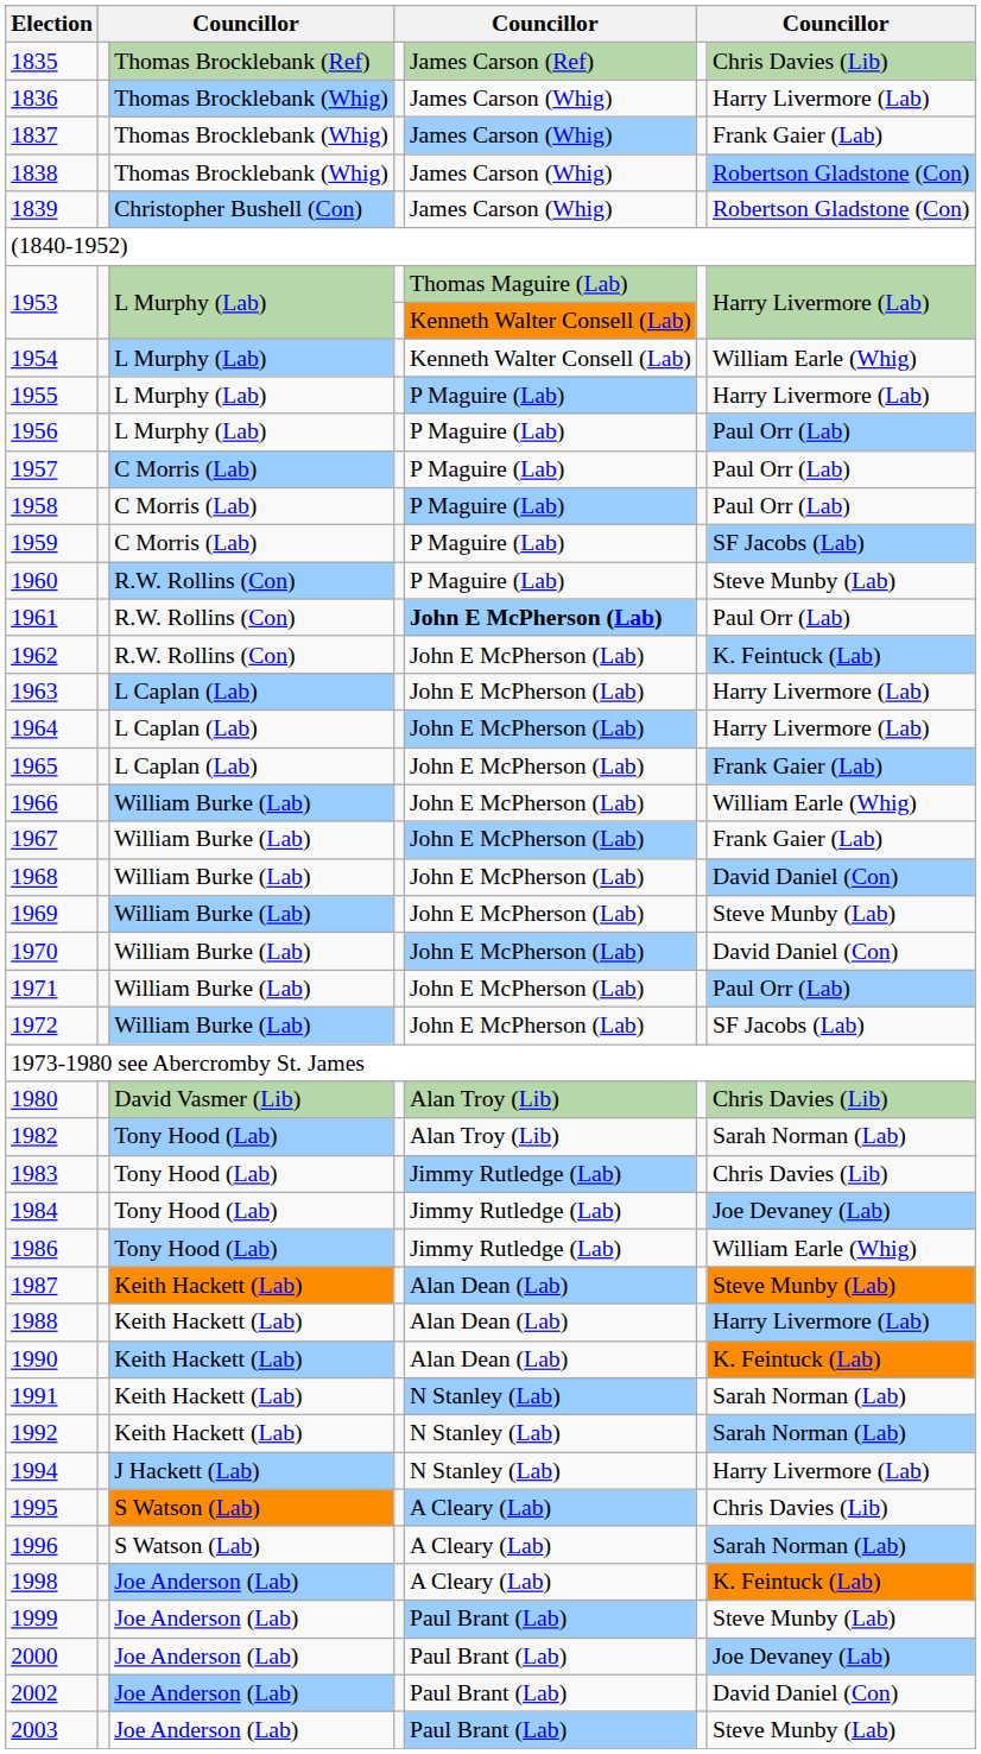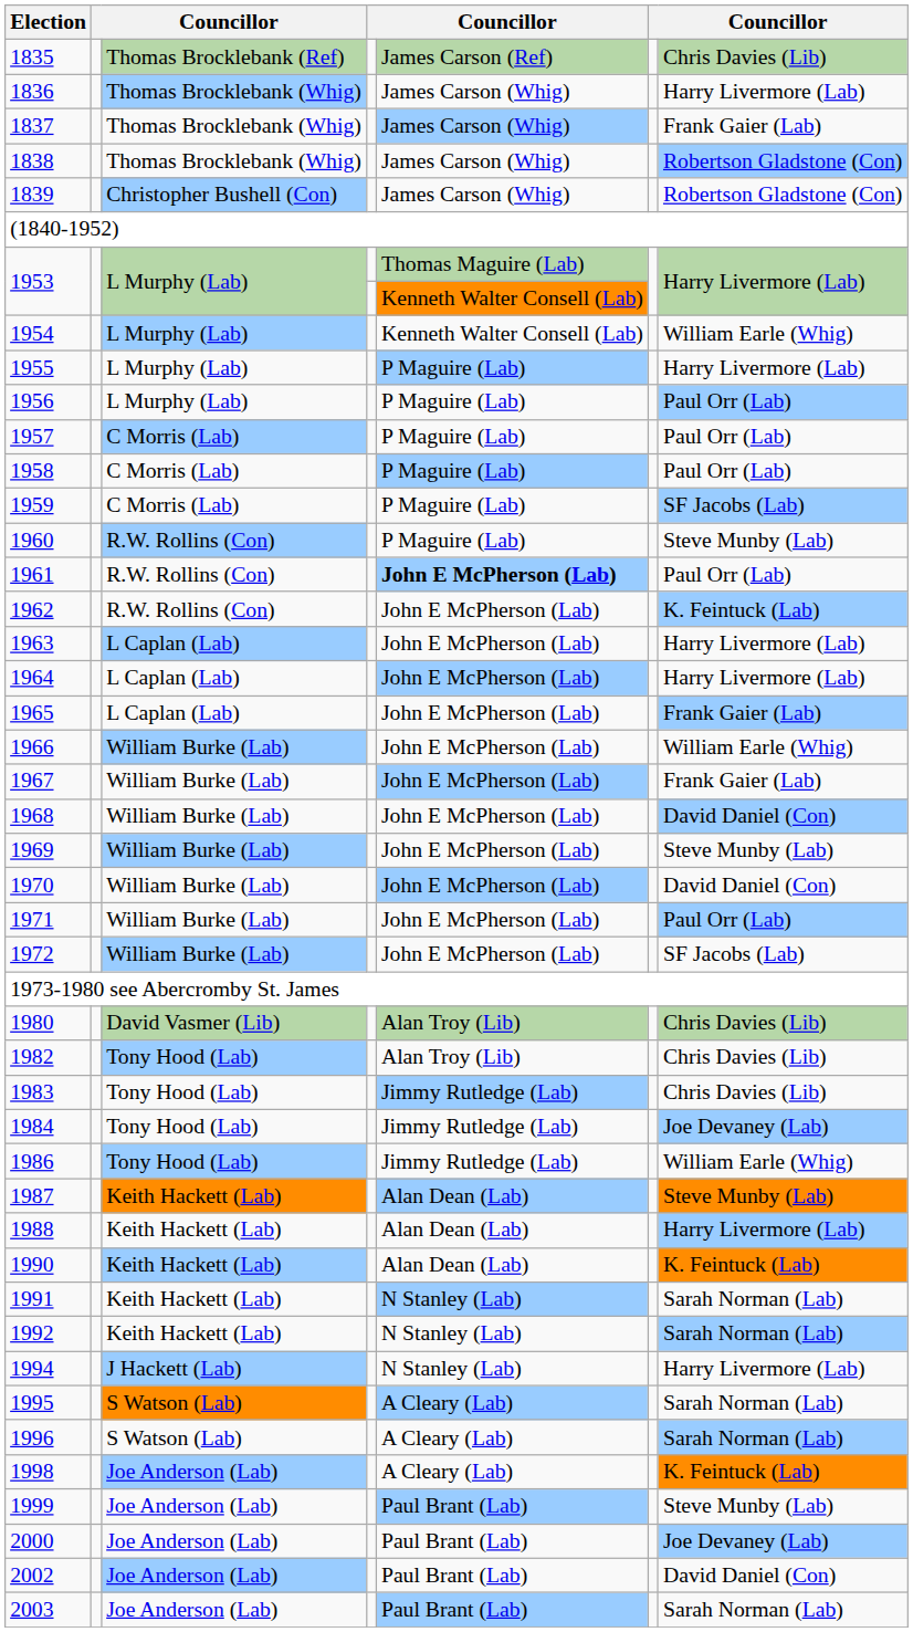 <table class="wikitable">
 <tr>
 <th>Election</th>
 <th colspan="2">Councillor</th>
 <th colspan="2">Councillor</th>
 <th colspan="2">Councillor</th>
 </tr>
 <tr>
 <td><a href='#'>1835</a></td>
 <td style="background-color: "></td>
 <td bgcolor="#B6D7A8">Thomas Brocklebank (<a href='#'>Ref</a>)</td>
 <td style="background-color: "></td>
 <td bgcolor="#B6D7A8">James Carson (<a href='#'>Ref</a>)</td>
 <td style="background-color: "></td>
 <td bgcolor="#B6D7A8">Chris Davies (<a href='#'>Lib</a>)</td>
 </tr>
 <tr>
 <td><a href='#'>1836</a></td>
 <td style="background-color: "></td>
 <td bgcolor="#99CCFF">Thomas Brocklebank (<a href='#'>Whig</a>)</td>
 <td style="background-color: "></td>
 <td>James Carson (<a href='#'>Whig</a>)</td>
 <td style="background-color: "></td>
 <td>Harry Livermore (<a href='#'>Lab</a>)</td>
 </tr>
 <tr>
 <td><a href='#'>1837</a></td>
 <td style="background-color: "></td>
 <td>Thomas Brocklebank (<a href='#'>Whig</a>)</td>
 <td style="background-color: "></td>
 <td bgcolor="#99CCFF">James Carson (<a href='#'>Whig</a>)</td>
 <td style="background-color: "></td>
 <td>Frank Gaier (<a href='#'>Lab</a>)</td>
 </tr>
 <tr>
 <td><a href='#'>1838</a></td>
 <td style="background-color: "></td>
 <td>Thomas Brocklebank (<a href='#'>Whig</a>)</td>
 <td style="background-color: "></td>
 <td>James Carson (<a href='#'>Whig</a>)</td>
 <td style="background-color: "></td>
 <td bgcolor="#99CCFF"><a href='#'>Robertson Gladstone</a> (<a href='#'>Con</a>)</td>
 </tr>
 <tr>
 <td><a href='#'>1839</a></td>
 <td style="background-color: "></td>
 <td bgcolor="#99CCFF">Christopher Bushell (<a href='#'>Con</a>)</td>
 <td style="background-color: "></td>
 <td>James Carson (<a href='#'>Whig</a>)</td>
 <td style="background-color: "></td>
 <td><a href='#'>Robertson Gladstone</a> (<a href='#'>Con</a>)</td>
 </tr>
 <tr>
 <td colspan="8" bgcolor="#FFF"><div>(1840-1952)</div></td>
 </tr>
 <tr>
 <td rowspan="2"><a href='#'>1953</a></td>
 <td rowspan="2" style="background-color: "></td>
 <td rowspan="2" bgcolor="#B6D7A8">L Murphy (<a href='#'>Lab</a>)</td>
 <td style="background-color: "></td>
 <td bgcolor="#B6D7A8">Thomas Maguire (<a href='#'>Lab</a>)</td>
 <td rowspan="2" style="background-color: "></td>
 <td rowspan="2" bgcolor="#B6D7A8">Harry Livermore (<a href='#'>Lab</a>)</td>
 </tr>
 <tr>
 <td style="background-color: "></td>
 <td bgcolor="#FF8C00">Kenneth Walter Consell (<a href='#'>Lab</a>)</td>
 </tr>
 <tr>
 <td><a href='#'>1954</a></td>
 <td style="background-color: "></td>
 <td bgcolor="#99CCFF">L Murphy (<a href='#'>Lab</a>)</td>
 <td style="background-color: "></td>
 <td>Kenneth Walter Consell (<a href='#'>Lab</a>)</td>
 <td style="background-color: "></td>
 <td>William Earle (<a href='#'>Whig</a>)</td>
 </tr>
 <tr>
 <td><a href='#'>1955</a></td>
 <td style="background-color: "></td>
 <td>L Murphy (<a href='#'>Lab</a>)</td>
 <td style="background-color: "></td>
 <td bgcolor="#99CCFF">P Maguire (<a href='#'>Lab</a>)</td>
 <td style="background-color: "></td>
 <td>Harry Livermore (<a href='#'>Lab</a>)</td>
 </tr>
 <tr>
 <td><a href='#'>1956</a></td>
 <td style="background-color: "></td>
 <td>L Murphy (<a href='#'>Lab</a>)</td>
 <td style="background-color: "></td>
 <td>P Maguire (<a href='#'>Lab</a>)</td>
 <td style="background-color: "></td>
 <td bgcolor="#99CCFF">Paul Orr (<a href='#'>Lab</a>)</td>
 </tr>
 <tr>
 <td><a href='#'>1957</a></td>
 <td style="background-color: "></td>
 <td bgcolor="#99CCFF">C Morris (<a href='#'>Lab</a>)</td>
 <td style="background-color: "></td>
 <td>P Maguire (<a href='#'>Lab</a>)</td>
 <td style="background-color: "></td>
 <td>Paul Orr (<a href='#'>Lab</a>)</td>
 </tr>
 <tr>
 <td><a href='#'>1958</a></td>
 <td style="background-color: "></td>
 <td>C Morris (<a href='#'>Lab</a>)</td>
 <td style="background-color: "></td>
 <td bgcolor="#99CCFF">P Maguire (<a href='#'>Lab</a>)</td>
 <td style="background-color: "></td>
 <td>Paul Orr (<a href='#'>Lab</a>)</td>
 </tr>
 <tr>
 <td><a href='#'>1959</a></td>
 <td style="background-color: "></td>
 <td>C Morris (<a href='#'>Lab</a>)</td>
 <td style="background-color: "></td>
 <td>P Maguire (<a href='#'>Lab</a>)</td>
 <td style="background-color: "></td>
 <td bgcolor="#99CCFF">SF Jacobs (<a href='#'>Lab</a>)</td>
 </tr>
 <tr>
 <td><a href='#'>1960</a></td>
 <td style="background-color: "></td>
 <td bgcolor="#99CCFF">R.W. Rollins (<a href='#'>Con</a>)</td>
 <td style="background-color: "></td>
 <td>P Maguire (<a href='#'>Lab</a>)</td>
 <td style="background-color: "></td>
 <td>Steve Munby (<a href='#'>Lab</a>)</td>
 </tr>
 <tr>
 <td><a href='#'>1961</a></td>
 <td style="background-color: "></td>
 <td>R.W. Rollins (<a href='#'>Con</a>)</td>
 <td style="background-color: "></td>
 <td bgcolor="#99CCFF"><strong>John E McPherson (<a href='#'>Lab</a>)</strong></td>
 <td style="background-color: "></td>
 <td>Paul Orr (<a href='#'>Lab</a>)</td>
 </tr>
 <tr>
 <td><a href='#'>1962</a></td>
 <td style="background-color: "></td>
 <td>R.W. Rollins (<a href='#'>Con</a>)</td>
 <td style="background-color: "></td>
 <td>John E McPherson (<a href='#'>Lab</a>)</td>
 <td style="background-color: "></td>
 <td bgcolor="#99CCFF">K. Feintuck (<a href='#'>Lab</a>)</td>
 </tr>
 <tr>
 <td><a href='#'>1963</a></td>
 <td style="background-color: "></td>
 <td bgcolor="#99CCFF">L Caplan (<a href='#'>Lab</a>)</td>
 <td style="background-color: "></td>
 <td>John E McPherson (<a href='#'>Lab</a>)</td>
 <td style="background-color: "></td>
 <td>Harry Livermore (<a href='#'>Lab</a>)</td>
 </tr>
 <tr>
 <td><a href='#'>1964</a></td>
 <td style="background-color: "></td>
 <td>L Caplan (<a href='#'>Lab</a>)</td>
 <td style="background-color: "></td>
 <td bgcolor="#99CCFF">John E McPherson (<a href='#'>Lab</a>)</td>
 <td style="background-color: "></td>
 <td>Harry Livermore (<a href='#'>Lab</a>)</td>
 </tr>
 <tr>
 <td><a href='#'>1965</a></td>
 <td style="background-color: "></td>
 <td>L Caplan (<a href='#'>Lab</a>)</td>
 <td style="background-color: "></td>
 <td>John E McPherson (<a href='#'>Lab</a>)</td>
 <td style="background-color: "></td>
 <td bgcolor="#99CCFF">Frank Gaier (<a href='#'>Lab</a>)</td>
 </tr>
 <tr>
 <td><a href='#'>1966</a></td>
 <td style="background-color: "></td>
 <td bgcolor="#99CCFF">William Burke (<a href='#'>Lab</a>)</td>
 <td style="background-color: "></td>
 <td>John E McPherson (<a href='#'>Lab</a>)</td>
 <td style="background-color: "></td>
 <td>William Earle (<a href='#'>Whig</a>)</td>
 </tr>
 <tr>
 <td><a href='#'>1967</a></td>
 <td style="background-color: "></td>
 <td>William Burke (<a href='#'>Lab</a>)</td>
 <td style="background-color: "></td>
 <td bgcolor="#99CCFF">John E McPherson (<a href='#'>Lab</a>)</td>
 <td style="background-color: "></td>
 <td>Frank Gaier (<a href='#'>Lab</a>)</td>
 </tr>
 <tr>
 <td><a href='#'>1968</a></td>
 <td style="background-color: "></td>
 <td>William Burke (<a href='#'>Lab</a>)</td>
 <td style="background-color: "></td>
 <td>John E McPherson (<a href='#'>Lab</a>)</td>
 <td style="background-color: "></td>
 <td bgcolor="#99CCFF">David Daniel (<a href='#'>Con</a>)</td>
 </tr>
 <tr>
 <td><a href='#'>1969</a></td>
 <td style="background-color: "></td>
 <td bgcolor="#99CCFF">William Burke (<a href='#'>Lab</a>)</td>
 <td style="background-color: "></td>
 <td>John E McPherson (<a href='#'>Lab</a>)</td>
 <td style="background-color: "></td>
 <td>Steve Munby (<a href='#'>Lab</a>)</td>
 </tr>
 <tr>
 <td><a href='#'>1970</a></td>
 <td style="background-color: "></td>
 <td>William Burke (<a href='#'>Lab</a>)</td>
 <td style="background-color: "></td>
 <td bgcolor="#99CCFF">John E McPherson (<a href='#'>Lab</a>)</td>
 <td style="background-color: "></td>
 <td>David Daniel (<a href='#'>Con</a>)</td>
 </tr>
 <tr>
 <td><a href='#'>1971</a></td>
 <td style="background-color: "></td>
 <td>William Burke (<a href='#'>Lab</a>)</td>
 <td style="background-color: "></td>
 <td>John E McPherson (<a href='#'>Lab</a>)</td>
 <td style="background-color: "></td>
 <td bgcolor="#99CCFF">Paul Orr (<a href='#'>Lab</a>)</td>
 </tr>
 <tr>
 <td><a href='#'>1972</a></td>
 <td style="background-color: "></td>
 <td bgcolor="#99CCFF">William Burke (<a href='#'>Lab</a>)</td>
 <td style="background-color: "></td>
 <td>John E McPherson (<a href='#'>Lab</a>)</td>
 <td style="background-color: "></td>
 <td>SF Jacobs (<a href='#'>Lab</a>)</td>
 </tr>
 <tr>
 <td colspan="8" bgcolor="#FFF"><div>1973-1980 see Abercromby St. James</div></td>
 </tr>
 <tr>
 <td><a href='#'>1980</a></td>
 <td style="background-color: "></td>
 <td bgcolor="#B6D7A8">David Vasmer (<a href='#'>Lib</a>)</td>
 <td style="background-color: "></td>
 <td bgcolor="#B6D7A8">Alan Troy (<a href='#'>Lib</a>)</td>
 <td style="background-color: "></td>
 <td bgcolor="#B6D7A8">Chris Davies (<a href='#'>Lib</a>)</td>
 </tr>
 <tr>
 <td><a href='#'>1982</a></td>
 <td style="background-color: "></td>
 <td bgcolor="#99CCFF">Tony Hood (<a href='#'>Lab</a>)</td>
 <td style="background-color: "></td>
 <td>Alan Troy (<a href='#'>Lib</a>)</td>
 <td style="background-color: "></td>
-<td>Sarah Norman (<a href='#'>Lab</a>)</td>
+<td>Chris Davies (<a href='#'>Lib</a>)</td>
 </tr>
 <tr>
 <td><a href='#'>1983</a></td>
 <td style="background-color: "></td>
 <td>Tony Hood (<a href='#'>Lab</a>)</td>
 <td style="background-color: "></td>
 <td bgcolor="#99CCFF">Jimmy Rutledge (<a href='#'>Lab</a>)</td>
 <td style="background-color: "></td>
 <td>Chris Davies (<a href='#'>Lib</a>)</td>
 </tr>
 <tr>
 <td><a href='#'>1984</a></td>
 <td style="background-color: "></td>
 <td>Tony Hood (<a href='#'>Lab</a>)</td>
 <td style="background-color: "></td>
 <td>Jimmy Rutledge (<a href='#'>Lab</a>)</td>
 <td style="background-color: "></td>
 <td bgcolor="#99CCFF">Joe Devaney (<a href='#'>Lab</a>)</td>
 </tr>
 <tr>
 <td><a href='#'>1986</a></td>
 <td style="background-color: "></td>
 <td bgcolor="#99CCFF">Tony Hood (<a href='#'>Lab</a>)</td>
 <td style="background-color: "></td>
 <td>Jimmy Rutledge (<a href='#'>Lab</a>)</td>
 <td style="background-color: "></td>
 <td>William Earle (<a href='#'>Whig</a>)</td>
 </tr>
 <tr>
 <td><a href='#'>1987</a></td>
 <td style="background-color: "></td>
 <td bgcolor="#FF8C00">Keith Hackett (<a href='#'>Lab</a>)</td>
 <td style="background-color: "></td>
 <td bgcolor="#99CCFF">Alan Dean (<a href='#'>Lab</a>)</td>
 <td style="background-color: "></td>
 <td bgcolor="#FF8C00">Steve Munby (<a href='#'>Lab</a>)</td>
 </tr>
 <tr>
 <td><a href='#'>1988</a></td>
 <td style="background-color: "></td>
 <td>Keith Hackett (<a href='#'>Lab</a>)</td>
 <td style="background-color: "></td>
 <td>Alan Dean (<a href='#'>Lab</a>)</td>
 <td style="background-color: "></td>
 <td bgcolor="#99CCFF">Harry Livermore (<a href='#'>Lab</a>)</td>
 </tr>
 <tr>
 <td><a href='#'>1990</a></td>
 <td style="background-color: "></td>
 <td bgcolor="#99CCFF">Keith Hackett (<a href='#'>Lab</a>)</td>
 <td style="background-color: "></td>
 <td>Alan Dean (<a href='#'>Lab</a>)</td>
 <td style="background-color: "></td>
 <td bgcolor="#FF8C00">K. Feintuck (<a href='#'>Lab</a>)</td>
 </tr>
 <tr>
 <td><a href='#'>1991</a></td>
 <td style="background-color: "></td>
 <td>Keith Hackett (<a href='#'>Lab</a>)</td>
 <td style="background-color: "></td>
 <td bgcolor="#99CCFF">N Stanley (<a href='#'>Lab</a>)</td>
 <td style="background-color: "></td>
 <td>Sarah Norman (<a href='#'>Lab</a>)</td>
 </tr>
 <tr>
 <td><a href='#'>1992</a></td>
 <td style="background-color: "></td>
 <td>Keith Hackett (<a href='#'>Lab</a>)</td>
 <td style="background-color: "></td>
 <td>N Stanley (<a href='#'>Lab</a>)</td>
 <td style="background-color: "></td>
 <td bgcolor="#99CCFF">Sarah Norman (<a href='#'>Lab</a>)</td>
 </tr>
 <tr>
 <td><a href='#'>1994</a></td>
 <td style="background-color: "></td>
 <td bgcolor="#99CCFF">J Hackett (<a href='#'>Lab</a>)</td>
 <td style="background-color: "></td>
 <td>N Stanley (<a href='#'>Lab</a>)</td>
 <td style="background-color: "></td>
 <td>Harry Livermore (<a href='#'>Lab</a>)</td>
 </tr>
 <tr>
 <td><a href='#'>1995</a></td>
 <td style="background-color: "></td>
 <td bgcolor="#FF8C00">S Watson (<a href='#'>Lab</a>)</td>
 <td style="background-color: "></td>
 <td bgcolor="#99CCFF">A Cleary (<a href='#'>Lab</a>)</td>
 <td style="background-color: "></td>
-<td>Chris Davies (<a href='#'>Lib</a>)</td>
+<td>Sarah Norman (<a href='#'>Lab</a>)</td>
 </tr>
 <tr>
 <td><a href='#'>1996</a></td>
 <td style="background-color: "></td>
 <td>S Watson (<a href='#'>Lab</a>)</td>
 <td style="background-color: "></td>
 <td>A Cleary (<a href='#'>Lab</a>)</td>
 <td style="background-color: "></td>
 <td bgcolor="#99CCFF">Sarah Norman (<a href='#'>Lab</a>)</td>
 </tr>
 <tr>
 <td><a href='#'>1998</a></td>
 <td style="background-color: "></td>
 <td bgcolor="#99CCFF"><a href='#'>Joe Anderson</a> (<a href='#'>Lab</a>)</td>
 <td style="background-color: "></td>
 <td>A Cleary (<a href='#'>Lab</a>)</td>
 <td style="background-color: "></td>
 <td bgcolor="#FF8C00">K. Feintuck (<a href='#'>Lab</a>)</td>
 </tr>
 <tr>
 <td><a href='#'>1999</a></td>
 <td style="background-color: "></td>
 <td><a href='#'>Joe Anderson</a> (<a href='#'>Lab</a>)</td>
 <td style="background-color: "></td>
 <td bgcolor="#99CCFF">Paul Brant (<a href='#'>Lab</a>)</td>
 <td style="background-color: "></td>
 <td>Steve Munby (<a href='#'>Lab</a>)</td>
 </tr>
 <tr>
 <td><a href='#'>2000</a></td>
 <td style="background-color: "></td>
 <td><a href='#'>Joe Anderson</a> (<a href='#'>Lab</a>)</td>
 <td style="background-color: "></td>
 <td>Paul Brant (<a href='#'>Lab</a>)</td>
 <td style="background-color: "></td>
 <td bgcolor="#99CCFF">Joe Devaney (<a href='#'>Lab</a>)</td>
 </tr>
 <tr>
 <td><a href='#'>2002</a></td>
 <td style="background-color: "></td>
 <td bgcolor="#99CCFF"><a href='#'>Joe Anderson</a> (<a href='#'>Lab</a>)</td>
 <td style="background-color: "></td>
 <td>Paul Brant (<a href='#'>Lab</a>)</td>
 <td style="background-color: "></td>
 <td>David Daniel (<a href='#'>Con</a>)</td>
 </tr>
 <tr>
 <td><a href='#'>2003</a></td>
 <td style="background-color: "></td>
 <td><a href='#'>Joe Anderson</a> (<a href='#'>Lab</a>)</td>
 <td style="background-color: "></td>
 <td bgcolor="#99CCFF">Paul Brant (<a href='#'>Lab</a>)</td>
 <td style="background-color: "></td>
-<td>Steve Munby (<a href='#'>Lab</a>)</td>
+<td>Sarah Norman (<a href='#'>Lab</a>)</td>
 </tr>
 <tr>
 </tr>
 </table>
